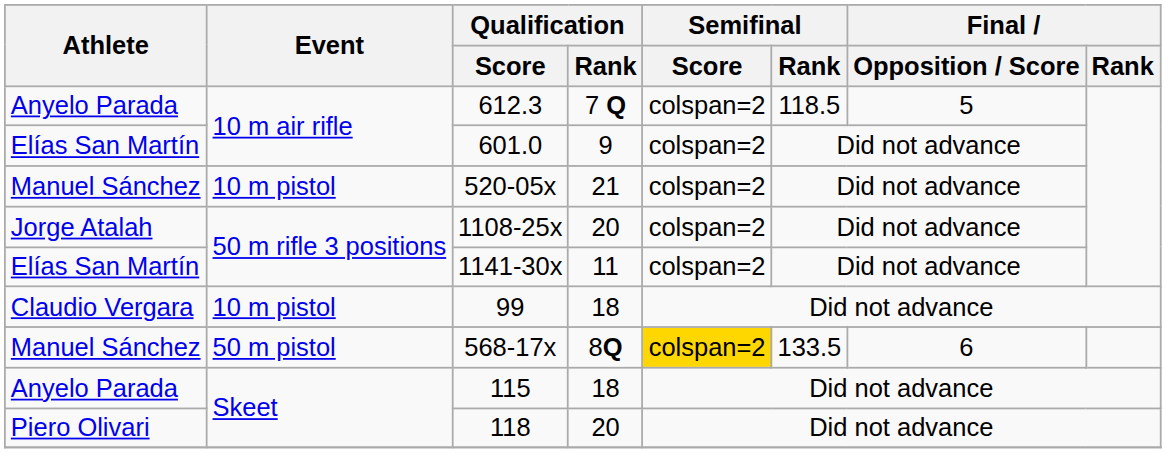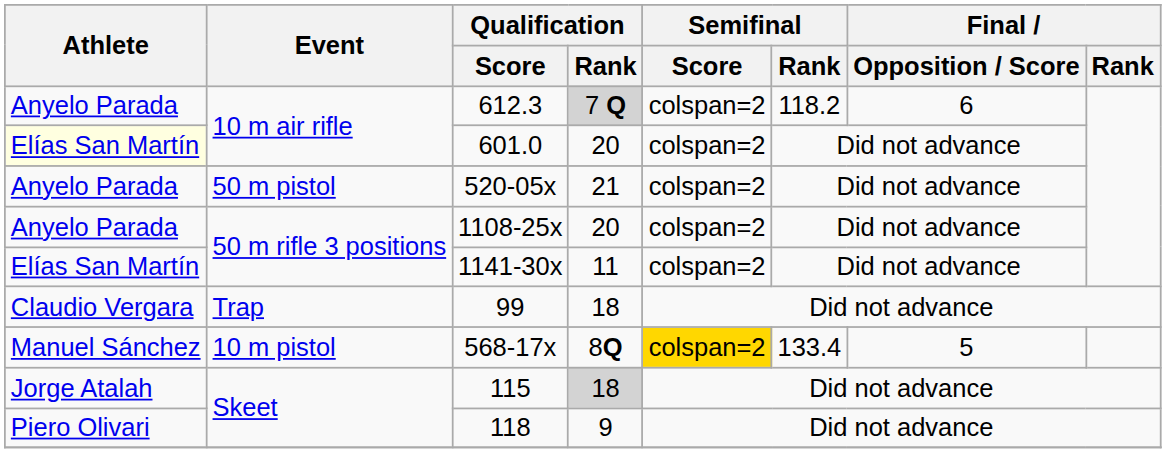 <table class="wikitable" style="font-size:90%">
 <tr>
 <th rowspan="2">Athlete</th>
 <th rowspan="2">Event</th>
 <th colspan="2">Qualification</th>
 <th colspan="2">Semifinal</th>
 <th colspan="2">Final / </th>
 </tr>
 <tr>
 <th>Score</th>
 <th>Rank</th>
 <th>Score</th>
 <th>Rank</th>
 <th>Opposition / Score</th>
 <th>Rank</th>
 </tr>
 <tr align=center>
 <td align=left><a href='#'>Anyelo Parada</a></td>
 <td align=left rowspan=2><a href='#'>10 m air rifle</a></td>
 <td>612.3</td>
-<td>7 <strong>Q</strong></td>
+<td style="background: lightgrey;">7 <strong>Q</strong></td>
 <td>colspan=2 </td>
-<td>118.5</td>
-<td>5</td>
+<td>118.2</td>
+<td>6</td>
 </tr>
 <tr align=center>
-<td align=left><a href='#'>Elías San Martín</a></td>
+<td align=left style="background: lightyellow;"><a href='#'>Elías San Martín</a></td>
 <td>601.0</td>
-<td>9</td>
+<td>20</td>
 <td>colspan=2 </td>
 <td colspan=2>Did not advance</td>
 </tr>
 <tr align=center>
-<td align=left><a href='#'>Manuel Sánchez</a></td>
-<td align=left><a href='#'>10 m pistol</a></td>
+<td align=left><a href='#'>Anyelo Parada</a></td>
+<td align=left><a href='#'>50 m pistol</a></td>
 <td>520-05x</td>
 <td>21</td>
 <td>colspan=2 </td>
 <td colspan=2>Did not advance</td>
 </tr>
 <tr align=center>
-<td align=left><a href='#'>Jorge Atalah</a></td>
+<td align=left><a href='#'>Anyelo Parada</a></td>
 <td align=left rowspan=2><a href='#'>50 m rifle 3 positions</a></td>
 <td>1108-25x</td>
 <td>20</td>
 <td>colspan=2 </td>
 <td colspan=2>Did not advance</td>
 </tr>
 <tr align=center>
 <td align=left><a href='#'>Elías San Martín</a></td>
 <td>1141-30x</td>
 <td>11</td>
 <td>colspan=2 </td>
 <td colspan=2>Did not advance</td>
 </tr>
 <tr align=center>
 <td align=left><a href='#'>Claudio Vergara</a></td>
-<td align=left><a href='#'>10 m pistol</a></td>
+<td align=left><a href='#'>Trap</a></td>
 <td>99</td>
 <td>18</td>
 <td colspan=4>Did not advance</td>
 </tr>
 <tr align=center>
 <td align=left><a href='#'>Manuel Sánchez</a></td>
-<td align=left><a href='#'>50 m pistol</a></td>
+<td align=left><a href='#'>10 m pistol</a></td>
 <td>568-17x</td>
 <td>8<strong>Q</strong></td>
 <td style="background: gold;">colspan=2 </td>
-<td>133.5</td>
-<td>6</td>
+<td>133.4</td>
+<td>5</td>
 </tr>
 <tr align=center>
-<td align=left><a href='#'>Anyelo Parada</a></td>
+<td align=left><a href='#'>Jorge Atalah</a></td>
 <td align=left rowspan=2><a href='#'>Skeet</a></td>
 <td>115</td>
-<td>18</td>
+<td style="background: lightgrey;">18</td>
 <td colspan=4>Did not advance</td>
 </tr>
 <tr align=center>
 <td align=left><a href='#'>Piero Olivari</a></td>
 <td>118</td>
-<td>20</td>
+<td>9</td>
 <td colspan=4>Did not advance</td>
 </tr>
 <tr>
 </tr>
 </table>
